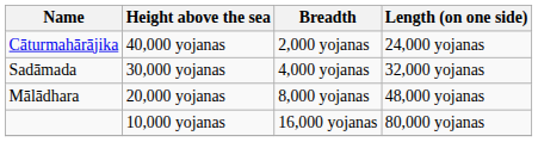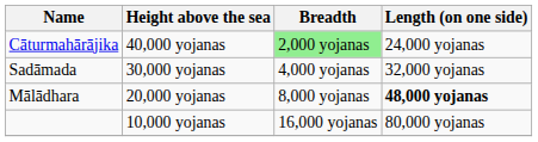 <table class = "wikitable">
 <tr>
 <th>Name</th>
 <th>Height above the sea</th>
 <th>Breadth</th>
 <th>Length (on one side)</th>
 </tr>
 <tr>
 <td><a href='#'>Cāturmahārājika</a></td>
 <td>40,000 yojanas</td>
-<td>2,000 yojanas</td>
+<td style="background: lightgreen;">2,000 yojanas</td>
 <td>24,000 yojanas</td>
 </tr>
 <tr>
 <td>Sadāmada</td>
 <td>30,000 yojanas</td>
 <td>4,000 yojanas</td>
 <td>32,000 yojanas</td>
 </tr>
 <tr>
 <td>Mālādhara</td>
 <td>20,000 yojanas</td>
 <td>8,000 yojanas</td>
-<td>48,000 yojanas</td>
+<td><strong>48,000 yojanas</strong></td>
 </tr>
 <tr>
 <td></td>
 <td>10,000 yojanas</td>
 <td>16,000 yojanas</td>
 <td>80,000 yojanas</td>
 </tr>
 <tr>
 </tr>
 </table>
